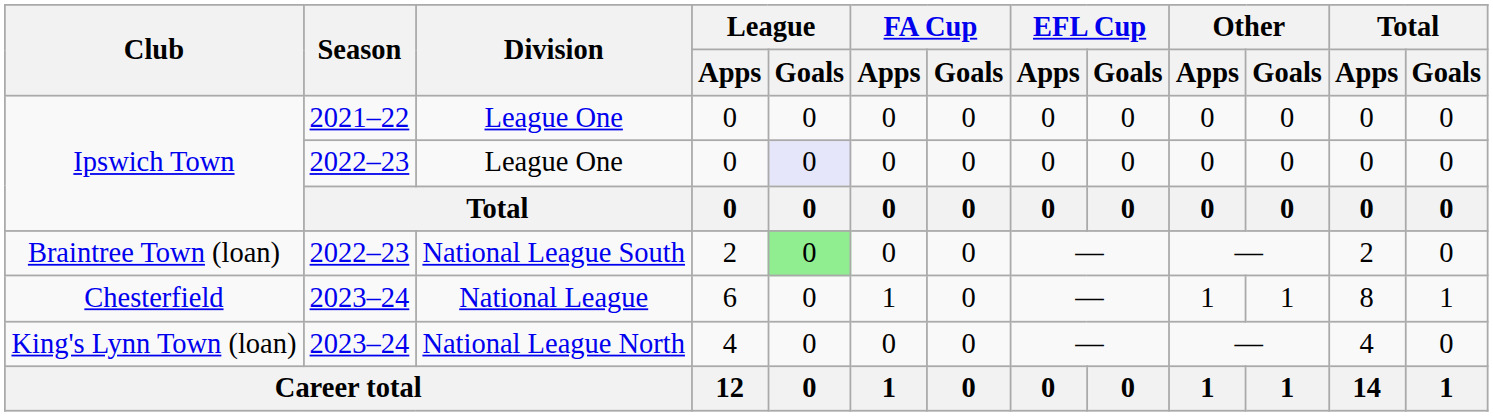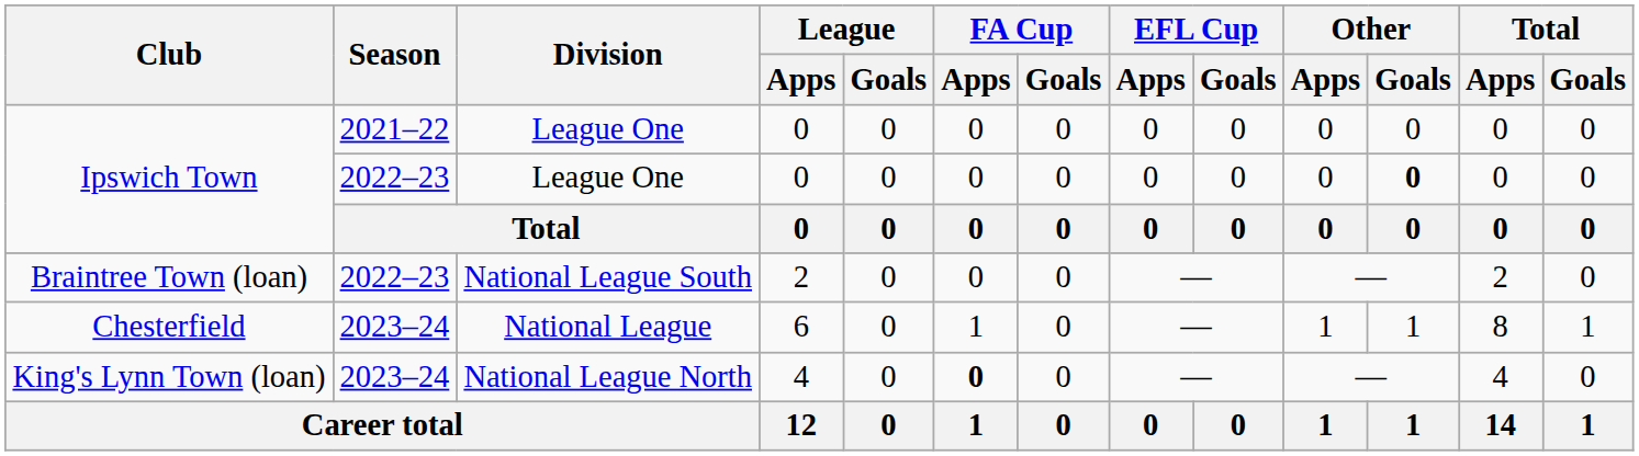 <table class="wikitable" style="text-align:center">
 <tr>
 <th rowspan="2">Club</th>
 <th rowspan="2">Season</th>
 <th rowspan="2">Division</th>
 <th colspan="2">League</th>
 <th colspan="2"><a href='#'>FA Cup</a></th>
 <th colspan="2"><a href='#'>EFL Cup</a></th>
 <th colspan="2">Other</th>
 <th colspan="2">Total</th>
 </tr>
 <tr>
 <th>Apps</th>
 <th>Goals</th>
 <th>Apps</th>
 <th>Goals</th>
 <th>Apps</th>
 <th>Goals</th>
 <th>Apps</th>
 <th>Goals</th>
 <th>Apps</th>
 <th>Goals</th>
 </tr>
 <tr>
 <td rowspan="3"><a href='#'>Ipswich Town</a></td>
 <td><a href='#'>2021–22</a></td>
 <td><a href='#'>League One</a></td>
 <td>0</td>
 <td>0</td>
 <td>0</td>
 <td>0</td>
 <td>0</td>
 <td>0</td>
 <td>0</td>
 <td>0</td>
 <td>0</td>
 <td>0</td>
 </tr>
 <tr>
 <td><a href='#'>2022–23</a></td>
 <td>League One</td>
 <td>0</td>
-<td style="background: lavender;">0</td>
 <td>0</td>
 <td>0</td>
 <td>0</td>
 <td>0</td>
 <td>0</td>
 <td>0</td>
+<td><strong>0</strong></td>
 <td>0</td>
 <td>0</td>
 </tr>
 <tr>
 <th colspan="2">Total</th>
 <th>0</th>
 <th>0</th>
 <th>0</th>
 <th>0</th>
 <th>0</th>
 <th>0</th>
 <th>0</th>
 <th>0</th>
 <th>0</th>
 <th>0</th>
 </tr>
 <tr>
 <td><a href='#'>Braintree Town</a> (loan)</td>
 <td><a href='#'>2022–23</a></td>
 <td><a href='#'>National League South</a></td>
 <td>2</td>
-<td style="background: lightgreen;">0</td>
+<td>0</td>
 <td>0</td>
 <td>0</td>
 <td colspan="2">—</td>
 <td colspan="2">—</td>
 <td>2</td>
 <td>0</td>
 </tr>
 <tr>
 <td><a href='#'>Chesterfield</a></td>
 <td><a href='#'>2023–24</a></td>
 <td><a href='#'>National League</a></td>
 <td>6</td>
 <td>0</td>
 <td>1</td>
 <td>0</td>
 <td colspan="2">—</td>
 <td>1</td>
 <td>1</td>
 <td>8</td>
 <td>1</td>
 </tr>
 <tr>
 <td><a href='#'>King's Lynn Town</a> (loan)</td>
 <td><a href='#'>2023–24</a></td>
 <td><a href='#'>National League North</a></td>
 <td>4</td>
 <td>0</td>
-<td>0</td>
+<td><strong>0</strong></td>
 <td>0</td>
 <td colspan="2">—</td>
 <td colspan="2">—</td>
 <td>4</td>
 <td>0</td>
 </tr>
 <tr>
 <th colspan="3">Career total</th>
 <th>12</th>
 <th>0</th>
 <th>1</th>
 <th>0</th>
 <th>0</th>
 <th>0</th>
 <th>1</th>
 <th>1</th>
 <th>14</th>
 <th>1</th>
 </tr>
 </table>
